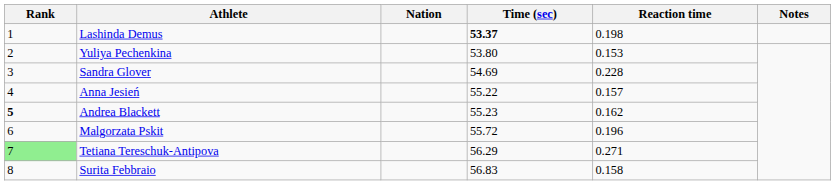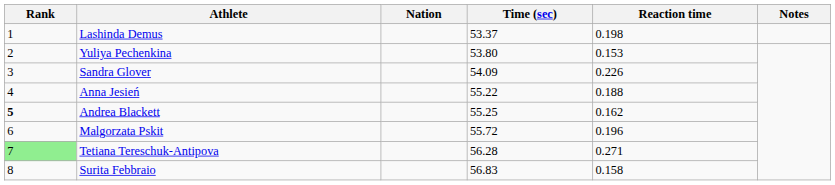 <table class="wikitable" style="text=align:center;" width=85%>
 <tr>
 <th>Rank</th>
 <th>Athlete</th>
 <th>Nation</th>
 <th>Time (<a href='#'>sec</a>)</th>
 <th>Reaction time</th>
 <th>Notes</th>
 </tr>
 <tr>
 <td>1</td>
 <td><a href='#'>Lashinda Demus</a></td>
 <td></td>
-<td><strong>53.37</strong></td>
+<td>53.37</td>
 <td>0.198</td>
 <td></td>
 </tr>
 <tr>
 <td>2</td>
 <td><a href='#'>Yuliya Pechenkina</a></td>
 <td></td>
 <td>53.80</td>
 <td>0.153</td>
 </tr>
 <tr>
 <td>3</td>
 <td><a href='#'>Sandra Glover</a></td>
 <td></td>
-<td>54.69</td>
-<td>0.228</td>
+<td>54.09</td>
+<td>0.226</td>
 </tr>
 <tr>
 <td>4</td>
 <td><a href='#'>Anna Jesień</a></td>
 <td></td>
 <td>55.22</td>
-<td>0.157</td>
+<td>0.188</td>
 </tr>
 <tr>
 <td><strong>5</strong></td>
 <td><a href='#'>Andrea Blackett</a></td>
 <td></td>
-<td>55.23</td>
+<td>55.25</td>
 <td>0.162</td>
 </tr>
 <tr>
 <td>6</td>
 <td><a href='#'>Malgorzata Pskit</a></td>
 <td></td>
 <td>55.72</td>
 <td>0.196</td>
 </tr>
 <tr>
 <td style="background: lightgreen;">7</td>
 <td><a href='#'>Tetiana Tereschuk-Antipova</a></td>
 <td></td>
-<td>56.29</td>
+<td>56.28</td>
 <td>0.271</td>
 </tr>
 <tr>
 <td>8</td>
 <td><a href='#'>Surita Febbraio</a></td>
 <td></td>
 <td>56.83</td>
 <td>0.158</td>
 </tr>
 </table>
